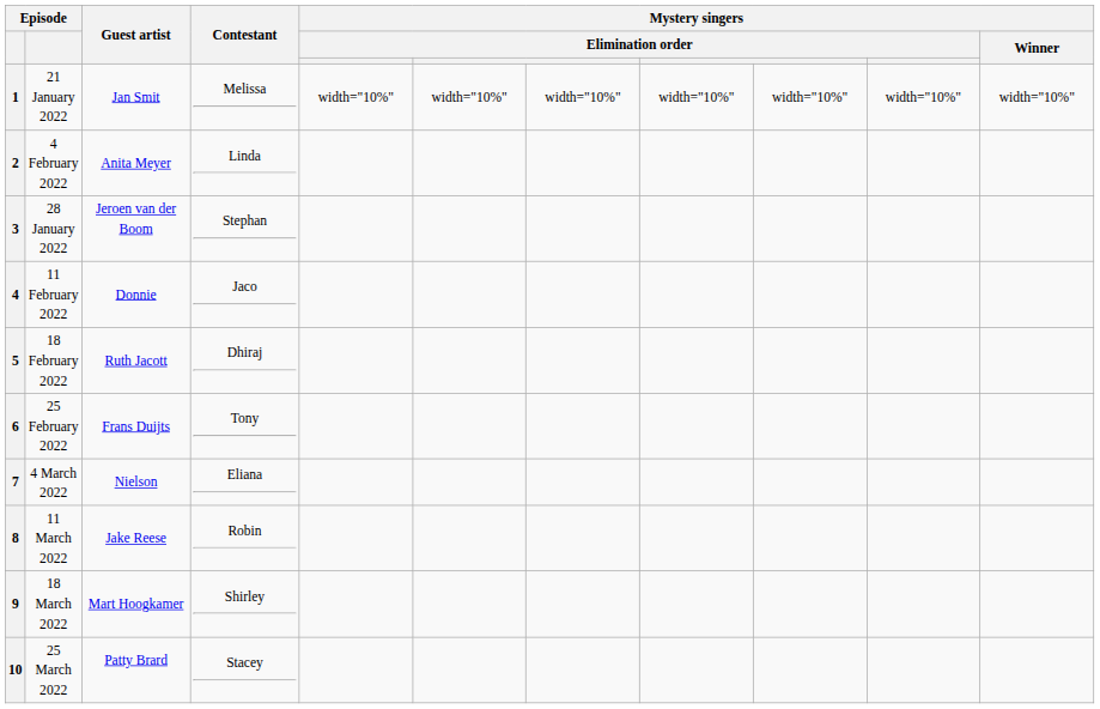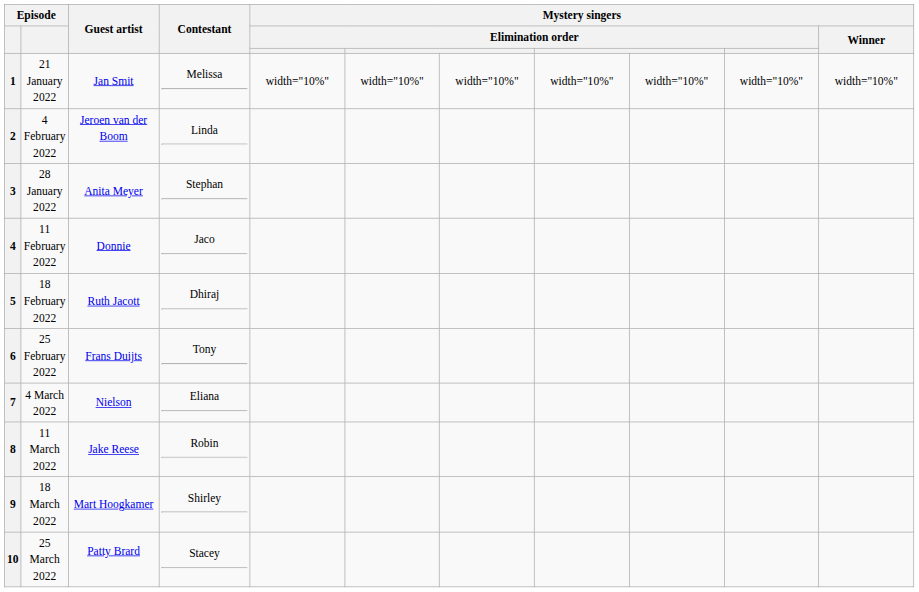 <table class="wikitable plainrowheaders mw-collapsible" style="text-align:center; line-height:23px; width:100%;">
 <tr>
 <th colspan="2" width="1%">Episode</th>
 <th rowspan="3" width="10%">Guest artist</th>
 <th rowspan="3" width="10%">Contestant</th>
 <th colspan="7">Mystery singers<br></th>
 </tr>
 <tr>
 <th rowspan="2"></th>
 <th rowspan="2"></th>
 <th colspan="6">Elimination order</th>
 <th rowspan="2">Winner</th>
 </tr>
 <tr>
 <th></th>
 <th colspan="2"></th>
 <th colspan="2"></th>
 <th></th>
 </tr>
 <tr>
 <th>1</th>
 <td>21 January 2022</td>
 <td><a href='#'>Jan Smit</a><br></td>
 <td>Melissa<hr></td>
 <td>width="10%" </td>
 <td>width="10%" </td>
 <td>width="10%" </td>
 <td>width="10%" </td>
 <td>width="10%" </td>
 <td>width="10%" </td>
 <td>width="10%" </td>
 </tr>
 <tr>
 <th>2</th>
 <td>4 February 2022</td>
-<td><a href='#'>Anita Meyer</a><br></td>
+<td><a href='#'>Jeroen van der Boom</a><br><br></td>
 <td>Linda<hr></td>
 <td></td>
 <td></td>
 <td></td>
 <td></td>
 <td></td>
 <td></td>
 <td></td>
 </tr>
 <tr>
 <th>3</th>
 <td>28 January 2022</td>
-<td><a href='#'>Jeroen van der Boom</a><br><br></td>
+<td><a href='#'>Anita Meyer</a><br></td>
 <td>Stephan<hr></td>
 <td></td>
 <td></td>
 <td></td>
 <td></td>
 <td></td>
 <td></td>
 <td></td>
 </tr>
 <tr>
 <th>4</th>
 <td>11 February 2022</td>
 <td><a href='#'>Donnie</a><br></td>
 <td>Jaco<hr></td>
 <td></td>
 <td></td>
 <td></td>
 <td></td>
 <td></td>
 <td></td>
 <td></td>
 </tr>
 <tr>
 <th>5</th>
 <td>18 February 2022</td>
 <td><a href='#'>Ruth Jacott</a><br></td>
 <td>Dhiraj<hr></td>
 <td></td>
 <td></td>
 <td></td>
 <td></td>
 <td></td>
 <td></td>
 <td></td>
 </tr>
 <tr>
 <th>6</th>
 <td>25 February 2022</td>
 <td><a href='#'>Frans Duijts</a><br></td>
 <td>Tony<hr></td>
 <td></td>
 <td></td>
 <td></td>
 <td></td>
 <td></td>
 <td></td>
 <td></td>
 </tr>
 <tr>
 <th>7</th>
 <td>4 March 2022</td>
 <td><a href='#'>Nielson</a><br></td>
 <td>Eliana<hr></td>
 <td></td>
 <td></td>
 <td></td>
 <td></td>
 <td></td>
 <td></td>
 <td></td>
 </tr>
 <tr>
 <th>8</th>
 <td>11 March 2022</td>
 <td><a href='#'>Jake Reese</a><br></td>
 <td>Robin<hr></td>
 <td></td>
 <td></td>
 <td></td>
 <td></td>
 <td></td>
 <td></td>
 <td></td>
 </tr>
 <tr>
 <th>9</th>
 <td>18 March 2022</td>
 <td><a href='#'>Mart Hoogkamer</a><br></td>
 <td>Shirley<hr></td>
 <td></td>
 <td></td>
 <td></td>
 <td></td>
 <td></td>
 <td></td>
 <td></td>
 </tr>
 <tr>
 <th>10</th>
 <td>25 March 2022</td>
 <td><a href='#'>Patty Brard</a><br><br></td>
 <td>Stacey<hr></td>
 <td></td>
 <td></td>
 <td></td>
 <td></td>
 <td></td>
 <td></td>
 <td></td>
 </tr>
 </table>
